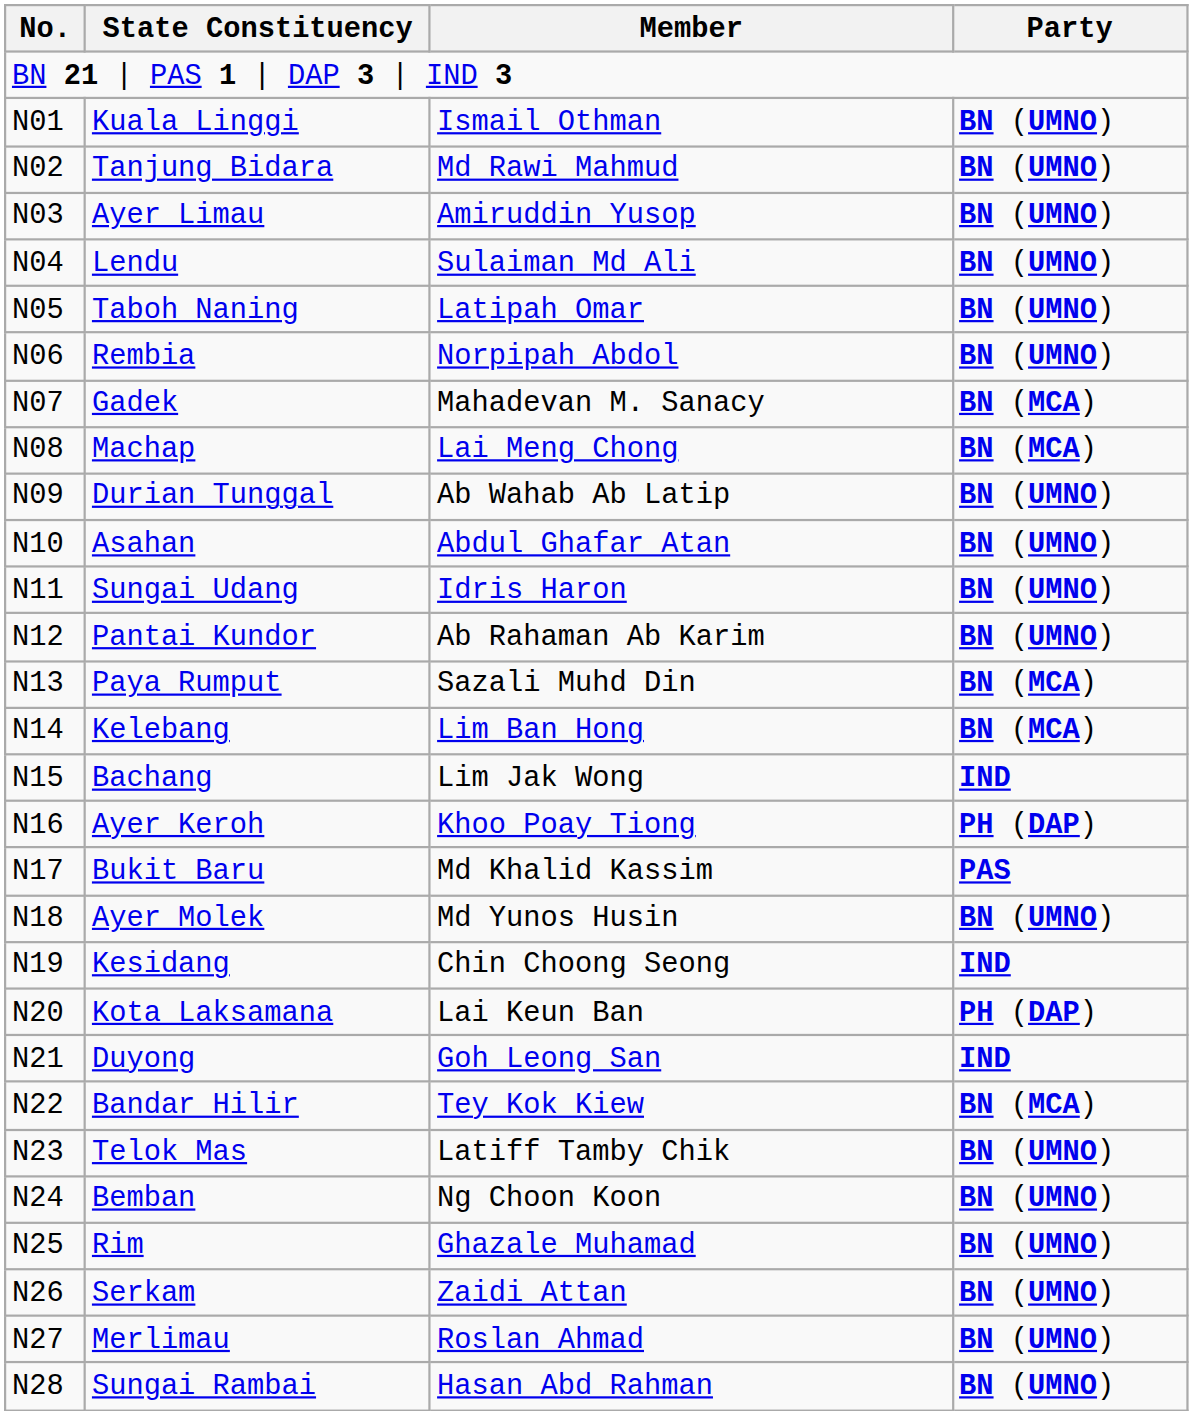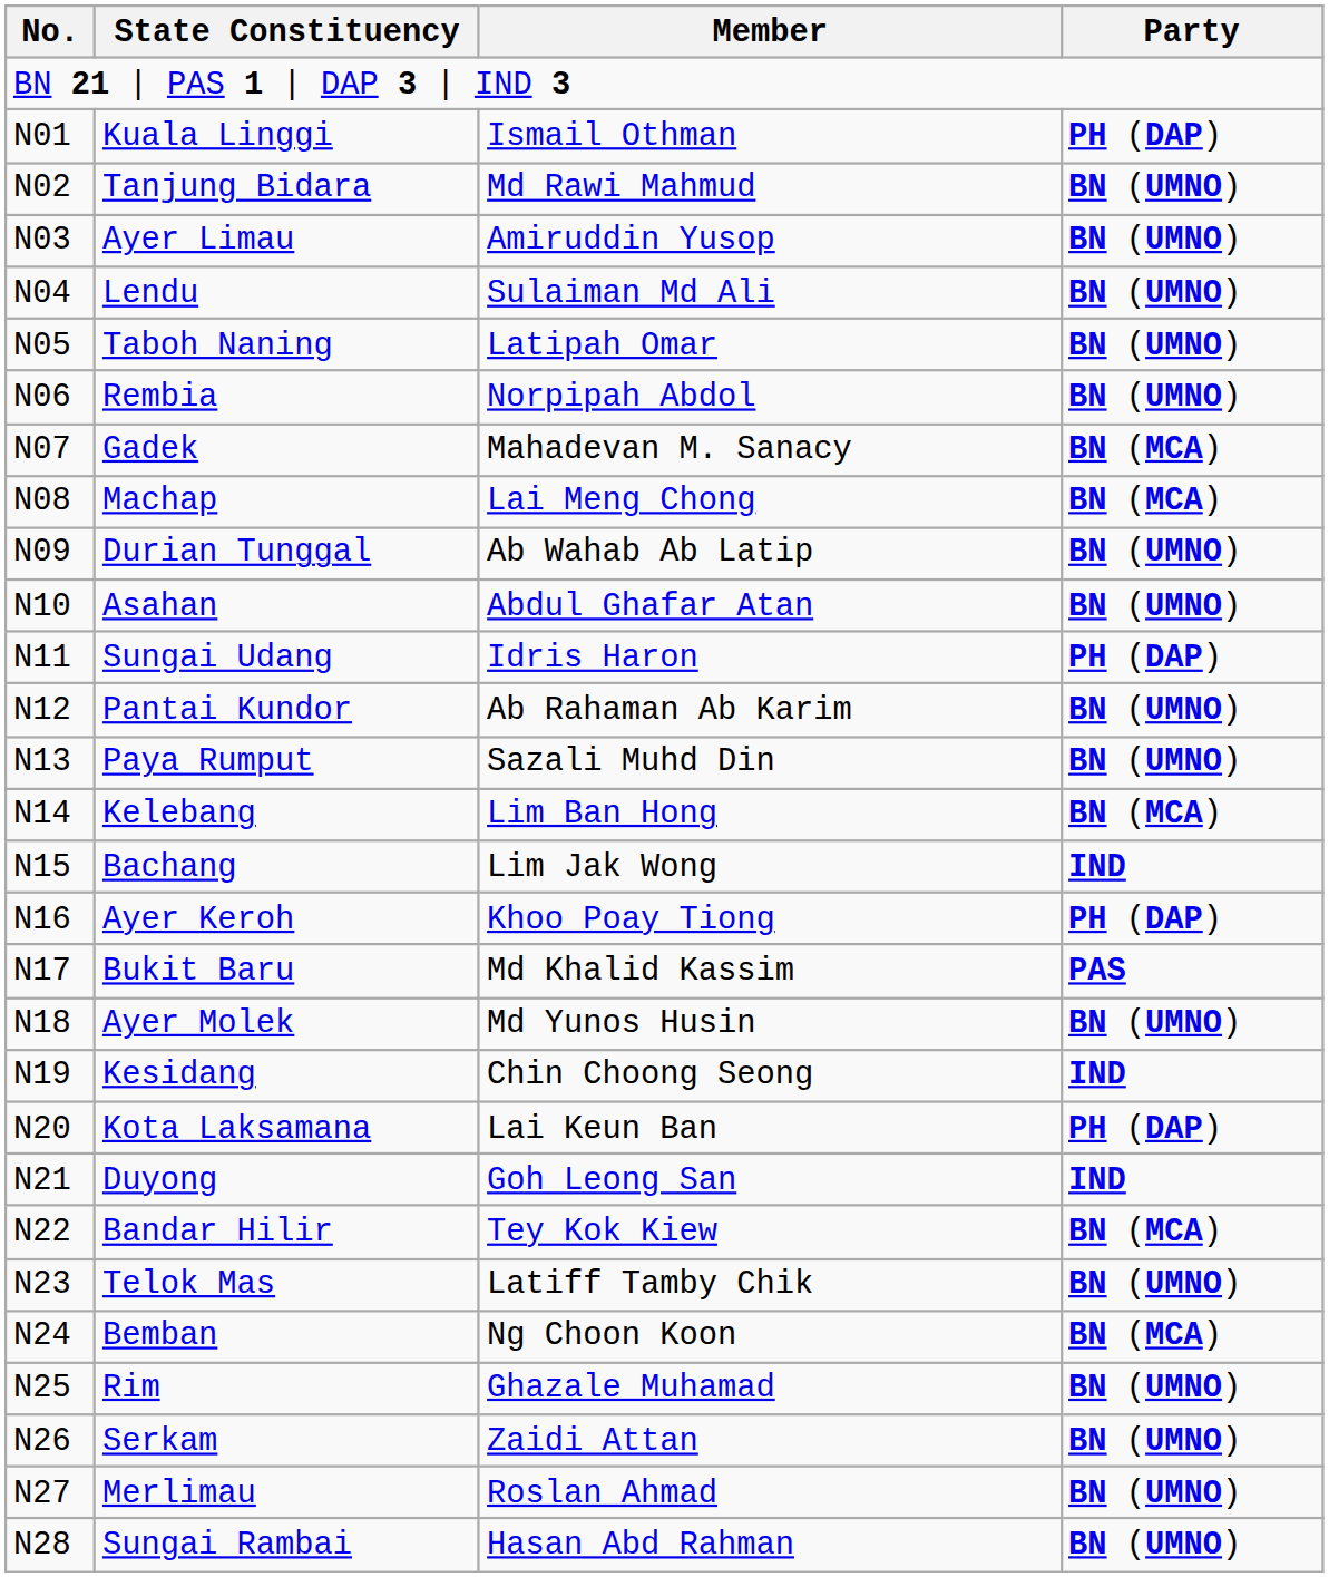 <table class="wikitable sortable">
 <tr>
 <th style="width:30px;">No.</th>
 <th style="width:150px;">State Constituency</th>
 <th style="width:230px;">Member</th>
 <th style="width:100px;">Party</th>
 </tr>
 <tr>
 <td colspan="4"><a href='#'>BN</a> <strong>21</strong> | <a href='#'>PAS</a> <strong>1</strong> | <a href='#'>DAP</a> <strong>3</strong> | <a href='#'>IND</a> <strong>3</strong></td>
 </tr>
 <tr>
 <td>N01</td>
 <td><a href='#'>Kuala Linggi</a></td>
 <td><a href='#'>Ismail Othman</a></td>
-<td><strong><a href='#'>BN</a></strong> (<strong><a href='#'>UMNO</a></strong>)</td>
+<td><strong><a href='#'>PH</a></strong> (<strong><a href='#'>DAP</a></strong>)</td>
 </tr>
 <tr>
 <td>N02</td>
 <td><a href='#'>Tanjung Bidara</a></td>
 <td><a href='#'>Md Rawi Mahmud</a></td>
 <td><strong><a href='#'>BN</a></strong> (<strong><a href='#'>UMNO</a></strong>)</td>
 </tr>
 <tr>
 <td>N03</td>
 <td><a href='#'>Ayer Limau</a></td>
 <td><a href='#'>Amiruddin Yusop</a></td>
 <td><strong><a href='#'>BN</a></strong> (<strong><a href='#'>UMNO</a></strong>)</td>
 </tr>
 <tr>
 <td>N04</td>
 <td><a href='#'>Lendu</a></td>
 <td><a href='#'>Sulaiman Md Ali</a></td>
 <td><strong><a href='#'>BN</a></strong> (<strong><a href='#'>UMNO</a></strong>)</td>
 </tr>
 <tr>
 <td>N05</td>
 <td><a href='#'>Taboh Naning</a></td>
 <td><a href='#'>Latipah Omar</a></td>
 <td><strong><a href='#'>BN</a></strong> (<strong><a href='#'>UMNO</a></strong>)</td>
 </tr>
 <tr>
 <td>N06</td>
 <td><a href='#'>Rembia</a></td>
 <td><a href='#'>Norpipah Abdol</a></td>
 <td><strong><a href='#'>BN</a></strong> (<strong><a href='#'>UMNO</a></strong>)</td>
 </tr>
 <tr>
 <td>N07</td>
 <td><a href='#'>Gadek</a></td>
 <td>Mahadevan M. Sanacy</td>
 <td><strong><a href='#'>BN</a></strong> (<strong><a href='#'>MCA</a></strong>)</td>
 </tr>
 <tr>
 <td>N08</td>
 <td><a href='#'>Machap</a></td>
 <td><a href='#'>Lai Meng Chong</a></td>
 <td><strong><a href='#'>BN</a></strong> (<strong><a href='#'>MCA</a></strong>)</td>
 </tr>
 <tr>
 <td>N09</td>
 <td><a href='#'>Durian Tunggal</a></td>
 <td>Ab Wahab Ab Latip</td>
 <td><strong><a href='#'>BN</a></strong> (<strong><a href='#'>UMNO</a></strong>)</td>
 </tr>
 <tr>
 <td>N10</td>
 <td><a href='#'>Asahan</a></td>
 <td><a href='#'>Abdul Ghafar Atan</a></td>
 <td><strong><a href='#'>BN</a></strong> (<strong><a href='#'>UMNO</a></strong>)</td>
 </tr>
 <tr>
 <td>N11</td>
 <td><a href='#'>Sungai Udang</a></td>
 <td><a href='#'>Idris Haron</a></td>
-<td><strong><a href='#'>BN</a></strong> (<strong><a href='#'>UMNO</a></strong>)</td>
+<td><strong><a href='#'>PH</a></strong> (<strong><a href='#'>DAP</a></strong>)</td>
 </tr>
 <tr>
 <td>N12</td>
 <td><a href='#'>Pantai Kundor</a></td>
 <td>Ab Rahaman Ab Karim</td>
 <td><strong><a href='#'>BN</a></strong> (<strong><a href='#'>UMNO</a></strong>)</td>
 </tr>
 <tr>
 <td>N13</td>
 <td><a href='#'>Paya Rumput</a></td>
 <td>Sazali Muhd Din</td>
-<td><strong><a href='#'>BN</a></strong> (<strong><a href='#'>MCA</a></strong>)</td>
+<td><strong><a href='#'>BN</a></strong> (<strong><a href='#'>UMNO</a></strong>)</td>
 </tr>
 <tr>
 <td>N14</td>
 <td><a href='#'>Kelebang</a></td>
 <td><a href='#'>Lim Ban Hong</a></td>
 <td><strong><a href='#'>BN</a></strong> (<strong><a href='#'>MCA</a></strong>)</td>
 </tr>
 <tr>
 <td>N15</td>
 <td><a href='#'>Bachang</a></td>
 <td>Lim Jak Wong</td>
 <td><strong><a href='#'>IND</a></strong></td>
 </tr>
 <tr>
 <td>N16</td>
 <td><a href='#'>Ayer Keroh</a></td>
 <td><a href='#'>Khoo Poay Tiong</a></td>
 <td><strong><a href='#'>PH</a></strong> (<strong><a href='#'>DAP</a></strong>)</td>
 </tr>
 <tr>
 <td>N17</td>
 <td><a href='#'>Bukit Baru</a></td>
 <td>Md Khalid Kassim</td>
 <td><strong><a href='#'>PAS</a></strong></td>
 </tr>
 <tr>
 <td>N18</td>
 <td><a href='#'>Ayer Molek</a></td>
 <td>Md Yunos Husin</td>
 <td><strong><a href='#'>BN</a></strong> (<strong><a href='#'>UMNO</a></strong>)</td>
 </tr>
 <tr>
 <td>N19</td>
 <td><a href='#'>Kesidang</a></td>
 <td>Chin Choong Seong</td>
 <td><strong><a href='#'>IND</a></strong></td>
 </tr>
 <tr>
 <td>N20</td>
 <td><a href='#'>Kota Laksamana</a></td>
 <td>Lai Keun Ban</td>
 <td><strong><a href='#'>PH</a></strong> (<strong><a href='#'>DAP</a></strong>)</td>
 </tr>
 <tr>
 <td>N21</td>
 <td><a href='#'>Duyong</a></td>
 <td><a href='#'>Goh Leong San</a></td>
 <td><strong><a href='#'>IND</a></strong></td>
 </tr>
 <tr>
 <td>N22</td>
 <td><a href='#'>Bandar Hilir</a></td>
 <td><a href='#'>Tey Kok Kiew</a></td>
 <td><strong><a href='#'>BN</a></strong> (<strong><a href='#'>MCA</a></strong>)</td>
 </tr>
 <tr>
 <td>N23</td>
 <td><a href='#'>Telok Mas</a></td>
 <td>Latiff Tamby Chik</td>
 <td><strong><a href='#'>BN</a></strong> (<strong><a href='#'>UMNO</a></strong>)</td>
 </tr>
 <tr>
 <td>N24</td>
 <td><a href='#'>Bemban</a></td>
 <td>Ng Choon Koon</td>
-<td><strong><a href='#'>BN</a></strong> (<strong><a href='#'>UMNO</a></strong>)</td>
+<td><strong><a href='#'>BN</a></strong> (<strong><a href='#'>MCA</a></strong>)</td>
 </tr>
 <tr>
 <td>N25</td>
 <td><a href='#'>Rim</a></td>
 <td><a href='#'>Ghazale Muhamad</a></td>
 <td><strong><a href='#'>BN</a></strong> (<strong><a href='#'>UMNO</a></strong>)</td>
 </tr>
 <tr>
 <td>N26</td>
 <td><a href='#'>Serkam</a></td>
 <td><a href='#'>Zaidi Attan</a></td>
 <td><strong><a href='#'>BN</a></strong> (<strong><a href='#'>UMNO</a></strong>)</td>
 </tr>
 <tr>
 <td>N27</td>
 <td><a href='#'>Merlimau</a></td>
 <td><a href='#'>Roslan Ahmad</a></td>
 <td><strong><a href='#'>BN</a></strong> (<strong><a href='#'>UMNO</a></strong>)</td>
 </tr>
 <tr>
 <td>N28</td>
 <td><a href='#'>Sungai Rambai</a></td>
 <td><a href='#'>Hasan Abd Rahman</a></td>
 <td><strong><a href='#'>BN</a></strong> (<strong><a href='#'>UMNO</a></strong>)</td>
 </tr>
 </table>
